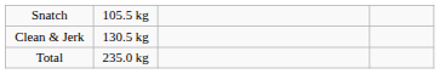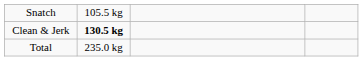 <table class = "wikitable" style="text-align:center;">
 <tr>
 <td width=100>Snatch</td>
 <td width=70>105.5 kg</td>
 <td width=250 align=left></td>
 <td width=70></td>
 </tr>
 <tr>
 <td>Clean & Jerk</td>
-<td>130.5 kg</td>
+<td><strong>130.5 kg</strong></td>
 <td align=left></td>
 <td></td>
 </tr>
 <tr>
 <td>Total</td>
 <td>235.0 kg</td>
 <td align=left></td>
 <td></td>
 </tr>
 </table>
